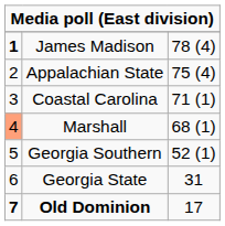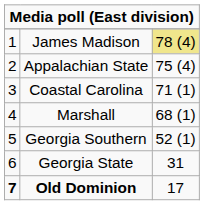 <table class="wikitable" style="display: inline-table;">
 <tr>
 <td align="center" Colspan="3"><strong>Media poll (East division)</strong></td>
 </tr>
 <tr align="center">
 </tr>
 <tr align="center">
-<td><strong>1</strong></td>
+<td>1</td>
 <td>James Madison</td>
-<td>78 (4)</td>
+<td style="background: khaki;">78 (4)</td>
 </tr>
 <tr align="center">
 <td>2</td>
 <td>Appalachian State</td>
 <td>75 (4)</td>
 </tr>
 <tr align="center">
 <td>3</td>
 <td>Coastal Carolina</td>
 <td>71 (1)</td>
 </tr>
 <tr align="center">
-<td style="background: lightsalmon;">4</td>
+<td>4</td>
 <td>Marshall</td>
 <td>68 (1)</td>
 </tr>
 <tr align="center">
 <td>5</td>
 <td>Georgia Southern</td>
 <td>52 (1)</td>
 </tr>
 <tr align="center">
 <td>6</td>
 <td>Georgia State</td>
 <td>31</td>
 </tr>
 <tr align="center">
 <td><strong>7</strong></td>
 <td><strong>Old Dominion</strong></td>
 <td>17</td>
 </tr>
 </table>
